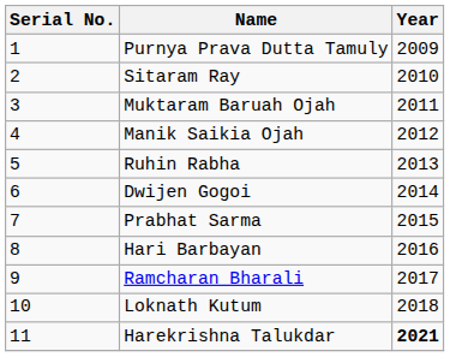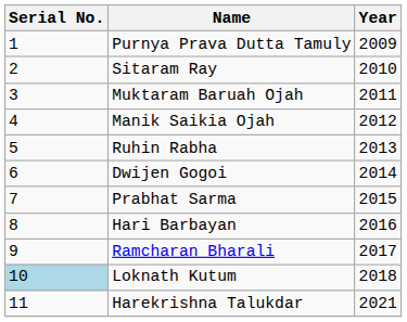 <table class="wikitable sortable">
 <tr>
 <th>Serial No.</th>
 <th>Name</th>
 <th>Year</th>
 </tr>
 <tr>
 <td>1</td>
 <td>Purnya Prava Dutta Tamuly</td>
 <td>2009</td>
 </tr>
 <tr>
 <td>2</td>
 <td>Sitaram Ray</td>
 <td>2010</td>
 </tr>
 <tr>
 <td>3</td>
 <td>Muktaram Baruah Ojah</td>
 <td>2011</td>
 </tr>
 <tr>
 <td>4</td>
 <td>Manik Saikia Ojah</td>
 <td>2012</td>
 </tr>
 <tr>
 <td>5</td>
 <td>Ruhin Rabha</td>
 <td>2013</td>
 </tr>
 <tr>
 <td>6</td>
 <td>Dwijen Gogoi</td>
 <td>2014</td>
 </tr>
 <tr>
 <td>7</td>
 <td>Prabhat Sarma</td>
 <td>2015</td>
 </tr>
 <tr>
 <td>8</td>
 <td>Hari Barbayan</td>
 <td>2016</td>
 </tr>
 <tr>
 <td>9</td>
 <td><a href='#'>Ramcharan Bharali</a></td>
 <td>2017</td>
 </tr>
 <tr>
-<td>10</td>
+<td style="background: lightblue;">10</td>
 <td>Loknath Kutum</td>
 <td>2018</td>
 </tr>
 <tr>
 <td>11</td>
 <td>Harekrishna Talukdar</td>
-<td><strong>2021</strong></td>
+<td>2021</td>
 </tr>
 <tr>
 </tr>
 </table>
